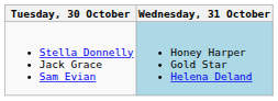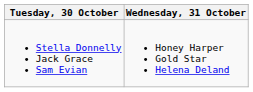 <table class="wikitable">
 <tr>
 <th>Tuesday, 30 October</th>
 <th>Wednesday, 31 October</th>
 </tr>
 <tr valign="top">
 <td><br><ul><li><a href='#'>Stella Donnelly</a></li><li>Jack Grace</li><li><a href='#'>Sam Evian</a></li></ul></td>
-<td style="background: lightblue;"><br><ul><li>Honey Harper</li><li>Gold Star</li><li><a href='#'>Helena Deland</a></li></ul></td>
+<td><br><ul><li>Honey Harper</li><li>Gold Star</li><li><a href='#'>Helena Deland</a></li></ul></td>
 </tr>
 </table>
